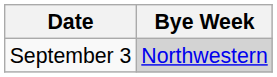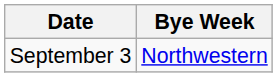 <table class="wikitable" style="font-size:95%;">
 <tr>
 <th>Date</th>
 <th>Bye Week</th>
 </tr>
 <tr>
 <td>September 3</td>
-<td style="background: lightgrey;"><a href='#'>Northwestern</a></td>
+<td><a href='#'>Northwestern</a></td>
 </tr>
 </table>
